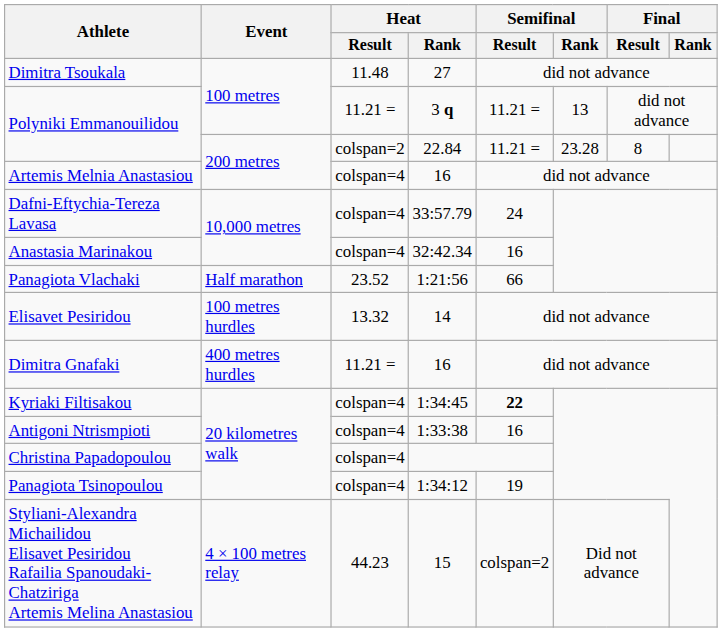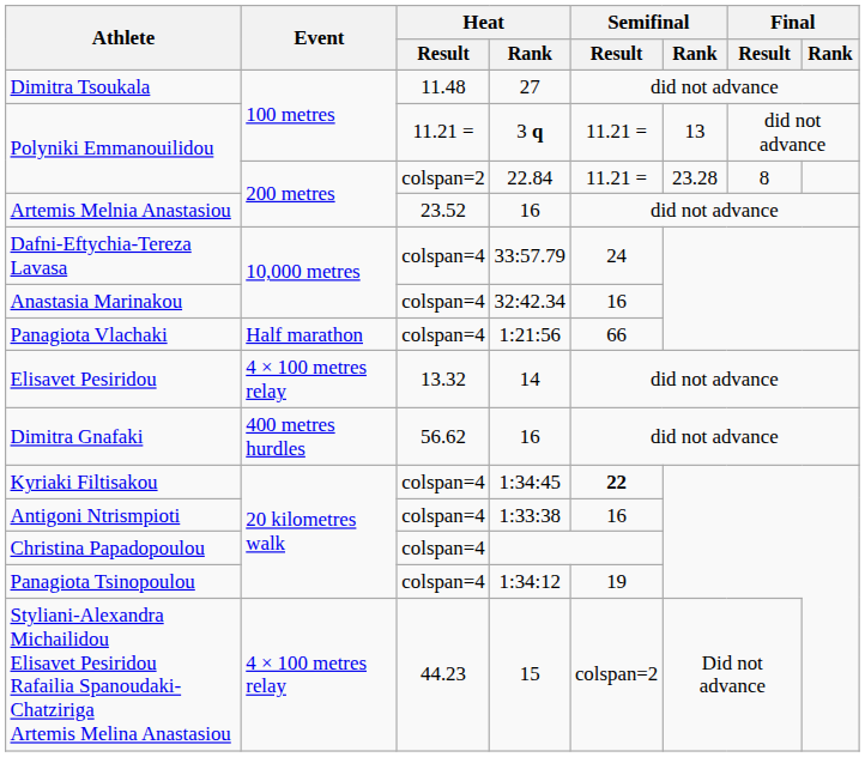 <table class=wikitable style=font-size:90%>
 <tr>
 <th rowspan=2>Athlete</th>
 <th rowspan=2>Event</th>
 <th colspan=2>Heat</th>
 <th colspan=2>Semifinal</th>
 <th colspan=2>Final</th>
 </tr>
 <tr style=font-size:95%>
 <th>Result</th>
 <th>Rank</th>
 <th>Result</th>
 <th>Rank</th>
 <th>Result</th>
 <th>Rank</th>
 </tr>
 <tr align=center>
 <td align=left><a href='#'>Dimitra Tsoukala</a></td>
 <td align=left rowspan=2><a href='#'>100 metres</a></td>
 <td>11.48</td>
 <td>27</td>
 <td colspan=4>did not advance</td>
 </tr>
 <tr align=center>
 <td align=left rowspan=2><a href='#'>Polyniki Emmanouilidou</a></td>
 <td>11.21 =<strong></strong></td>
 <td>3 <strong>q</strong></td>
 <td>11.21 =<strong></strong></td>
 <td>13</td>
 <td colspan=2>did not advance</td>
 </tr>
 <tr align=center>
 <td align=left rowspan=2><a href='#'>200 metres</a></td>
 <td>colspan=2</td>
 <td>22.84 <strong></strong></td>
 <td>11.21 =<strong></strong></td>
 <td>23.28</td>
 <td>8</td>
 </tr>
 <tr align=center>
 <td align=left><a href='#'>Artemis Melnia Anastasiou</a></td>
-<td>colspan=4</td>
+<td>23.52</td>
 <td>16</td>
 <td colspan=4>did not advance</td>
 </tr>
 <tr align=center>
 <td align=left><a href='#'>Dafni-Eftychia-Tereza Lavasa</a></td>
 <td align=left rowspan=2><a href='#'>10,000 metres</a></td>
 <td>colspan=4</td>
 <td>33:57.79</td>
 <td>24</td>
 </tr>
 <tr align=center>
 <td align=left><a href='#'>Anastasia Marinakou</a></td>
 <td>colspan=4</td>
 <td>32:42.34</td>
 <td>16</td>
 </tr>
 <tr align=center>
 <td align=left><a href='#'>Panagiota Vlachaki</a></td>
 <td align=left><a href='#'>Half marathon</a></td>
-<td>23.52</td>
+<td>colspan=4</td>
 <td>1:21:56</td>
 <td>66</td>
 </tr>
 <tr align=center>
 <td align=left><a href='#'>Elisavet Pesiridou</a></td>
-<td align=left><a href='#'>100 metres hurdles</a></td>
+<td align=left><a href='#'>4 × 100 metres relay</a></td>
 <td>13.32</td>
 <td>14</td>
 <td colspan=4>did not advance</td>
 </tr>
 <tr align=center>
 <td align=left><a href='#'>Dimitra Gnafaki</a></td>
 <td align=left><a href='#'>400 metres hurdles</a></td>
-<td>11.21 =<strong></strong></td>
+<td>56.62 <strong></strong></td>
 <td>16</td>
 <td colspan=4>did not advance</td>
 </tr>
 <tr align=center>
 <td align=left><a href='#'>Kyriaki Filtisakou</a></td>
 <td align=left rowspan=4><a href='#'>20 kilometres walk</a></td>
 <td>colspan=4</td>
 <td>1:34:45</td>
 <td><strong>22</strong></td>
 </tr>
 <tr align=center>
 <td align=left><a href='#'>Antigoni Ntrismpioti</a></td>
 <td>colspan=4</td>
 <td>1:33:38 <strong></strong></td>
 <td>16</td>
 </tr>
 <tr align=center>
 <td align=left><a href='#'>Christina Papadopoulou</a></td>
 <td>colspan=4</td>
 <td colspan=2></td>
 </tr>
 <tr align=center>
 <td align=left><a href='#'>Panagiota Tsinopoulou</a></td>
 <td>colspan=4</td>
 <td>1:34:12</td>
 <td>19</td>
 </tr>
 <tr align=center>
 <td align=left><a href='#'>Styliani-Alexandra Michailidou</a><br><a href='#'>Elisavet Pesiridou</a><br><a href='#'>Rafailia Spanoudaki-Chatziriga</a><br><a href='#'>Artemis Melina Anastasiou</a></td>
 <td align=left><a href='#'>4 × 100 metres relay</a></td>
 <td>44.23</td>
 <td>15</td>
 <td>colspan=2</td>
 <td colspan=2>Did not advance</td>
 </tr>
 </table>
